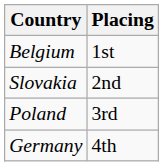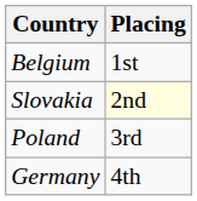 <table class="wikitable">
 <tr>
 <th>Country</th>
 <th>Placing</th>
 </tr>
 <tr>
 <td><em>Belgium</em></td>
 <td>1st</td>
 </tr>
 <tr>
 <td><em>Slovakia</em></td>
-<td>2nd</td>
+<td style="background: lightyellow;">2nd</td>
 </tr>
 <tr>
 <td><em>Poland</em></td>
 <td>3rd</td>
 </tr>
 <tr>
 <td><em>Germany</em></td>
 <td>4th</td>
 </tr>
 </table>
